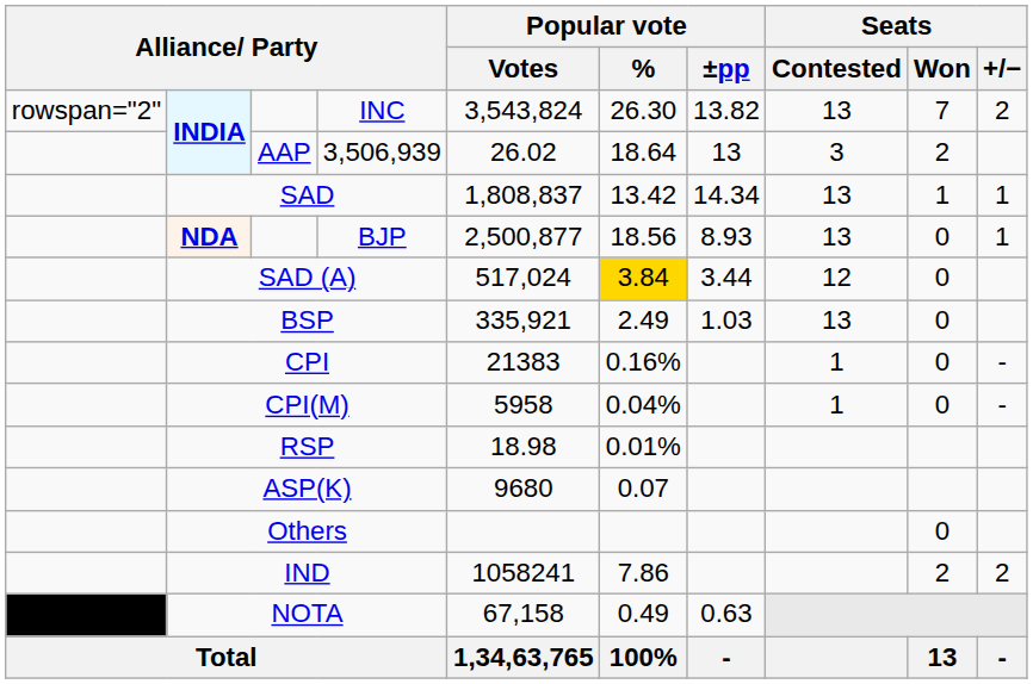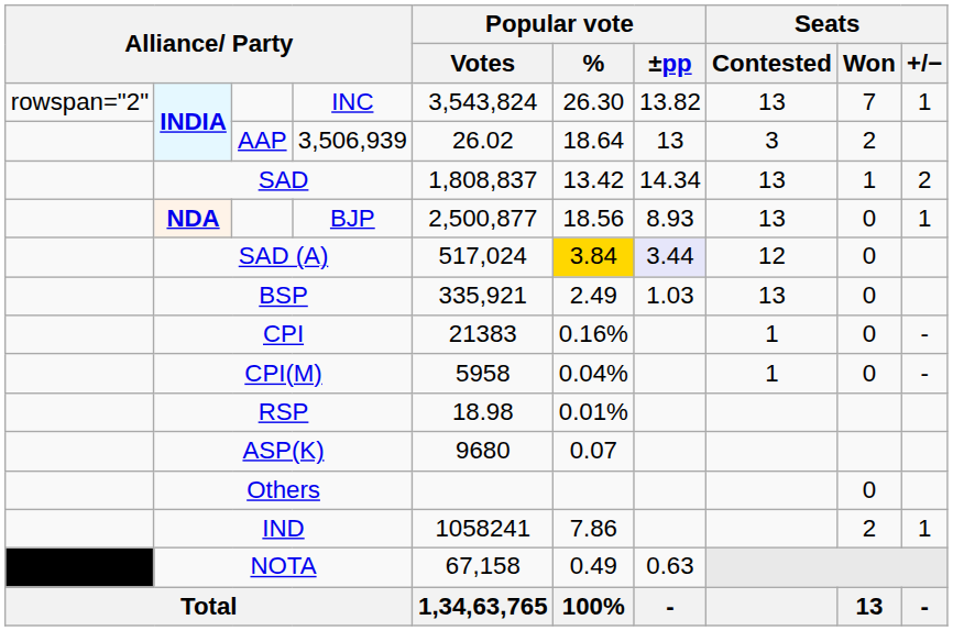 <table class="wikitable sortable" style="text-align:center;">
 <tr>
 <th colspan="4" rowspan="2">Alliance/ Party</th>
 <th colspan="3">Popular vote</th>
 <th colspan="3">Seats</th>
 </tr>
 <tr>
 <th>Votes</th>
 <th>%</th>
 <th>±<a href='#'>pp</a></th>
 <th>Contested</th>
 <th>Won</th>
 <th><strong>+/−</strong></th>
 </tr>
 <tr>
 <td>rowspan="2" </td>
 <th rowspan="2"style="background:#E5F8FF"><a href='#'>INDIA</a></th>
 <td></td>
 <td><a href='#'>INC</a></td>
 <td>3,543,824</td>
 <td>26.30</td>
 <td>13.82</td>
 <td>13</td>
 <td>7</td>
-<td> 2</td>
+<td> 1</td>
 </tr>
 <tr>
 <td></td>
 <td><a href='#'>AAP</a></td>
 <td>3,506,939</td>
 <td>26.02</td>
 <td>18.64</td>
 <td>13</td>
 <td>3</td>
 <td> 2</td>
 </tr>
 <tr>
 <td></td>
 <td colspan="3"><a href='#'>SAD</a></td>
 <td>1,808,837</td>
 <td>13.42</td>
 <td>14.34</td>
 <td>13</td>
 <td>1</td>
-<td> 1</td>
+<td> 2</td>
 </tr>
 <tr>
 <td></td>
 <th style="background:#fef3e8"><a href='#'>NDA</a></th>
 <td></td>
 <td><a href='#'>BJP</a></td>
 <td>2,500,877</td>
 <td>18.56</td>
 <td>8.93</td>
 <td>13</td>
 <td>0</td>
 <td> 1</td>
 </tr>
 <tr>
 <td></td>
 <td colspan="3"><a href='#'>SAD (A)</a></td>
 <td>517,024</td>
 <td style="background: gold;">3.84</td>
-<td>3.44</td>
+<td style="background: lavender;">3.44</td>
 <td>12</td>
 <td>0</td>
 <td></td>
 </tr>
 <tr>
 <td></td>
 <td colspan="3"><a href='#'>BSP</a></td>
 <td>335,921</td>
 <td>2.49</td>
 <td>1.03</td>
 <td>13</td>
 <td>0</td>
 <td></td>
 </tr>
 <tr>
 <td></td>
 <td colspan="3"><a href='#'>CPI</a></td>
 <td>21383</td>
 <td>0.16%</td>
 <td></td>
 <td>1</td>
 <td>0</td>
 <td>-</td>
 </tr>
 <tr>
 <td></td>
 <td colspan="3"><a href='#'>CPI(M)</a></td>
 <td>5958</td>
 <td>0.04%</td>
 <td></td>
 <td>1</td>
 <td>0</td>
 <td>-</td>
 </tr>
 <tr>
 <td></td>
 <td colspan="3"><a href='#'>RSP</a></td>
 <td>18.98</td>
 <td>0.01%</td>
 <td></td>
 <td></td>
 <td></td>
 <td></td>
 </tr>
 <tr>
 <td></td>
 <td colspan="3"><a href='#'>ASP(K)</a></td>
 <td>9680</td>
 <td>0.07</td>
 <td></td>
 <td></td>
 <td></td>
 <td></td>
 </tr>
 <tr>
 <td></td>
 <td colspan="3"><a href='#'>Others</a></td>
 <td></td>
 <td></td>
 <td></td>
 <td></td>
 <td>0</td>
 <td></td>
 </tr>
 <tr>
 <td></td>
 <td colspan="3"><a href='#'>IND</a></td>
 <td>1058241</td>
 <td>7.86</td>
 <td></td>
 <td></td>
 <td>2</td>
-<td> 2</td>
+<td> 1</td>
 </tr>
 <tr>
 <td bgcolor="Black"></td>
 <td colspan="3"><a href='#'>NOTA</a></td>
 <td>67,158</td>
 <td>0.49</td>
 <td> 0.63</td>
 <th colspan="3" style="background-color:#E9E9E9"></th>
 </tr>
 <tr>
 <th colspan="4">Total</th>
 <th>1,34,63,765</th>
 <th>100%</th>
 <th>-</th>
 <th></th>
 <th>13</th>
 <th>-</th>
 </tr>
 </table>
